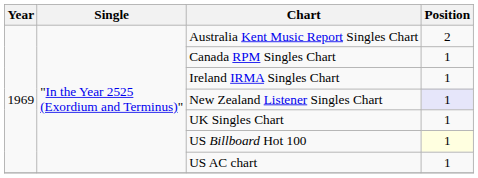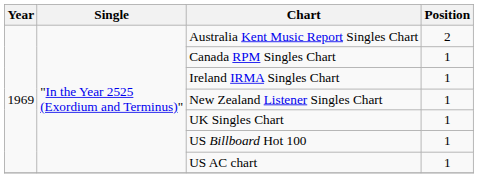 <table class="wikitable">
 <tr>
 <th>Year</th>
 <th>Single</th>
 <th>Chart</th>
 <th>Position</th>
 </tr>
 <tr>
 <td rowspan="7">1969</td>
 <td rowspan="7">"<a href='#'>In the Year 2525<br>(Exordium and Terminus)</a>"</td>
 <td>Australia <a href='#'>Kent Music Report</a> Singles Chart</td>
 <td align="center">2</td>
 </tr>
 <tr>
 <td>Canada <a href='#'>RPM</a> Singles Chart</td>
 <td align="center">1</td>
 </tr>
 <tr>
 <td>Ireland <a href='#'>IRMA</a> Singles Chart</td>
 <td align="center">1</td>
 </tr>
 <tr>
 <td>New Zealand <a href='#'>Listener</a> Singles Chart</td>
-<td align="center" style="background: lavender;">1</td>
+<td align="center">1</td>
 </tr>
 <tr>
 <td>UK Singles Chart</td>
 <td align="center">1</td>
 </tr>
 <tr>
 <td>US <em>Billboard</em> Hot 100</td>
-<td align="center" style="background: lightyellow;">1</td>
+<td align="center">1</td>
 </tr>
 <tr>
 <td>US AC chart</td>
 <td align="center">1</td>
 </tr>
 <tr>
 </tr>
 </table>
